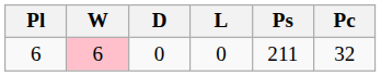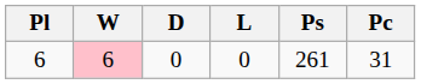 <table class="wikitable" style="text-align:center">
 <tr>
 <th width=40px>Pl</th>
 <th width=40px>W</th>
 <th width=40px>D</th>
 <th width=40px>L</th>
 <th width=40px>Ps</th>
 <th width=40px>Pc</th>
 </tr>
 <tr>
 <td>6</td>
 <td style="background: pink;">6</td>
 <td>0</td>
 <td>0</td>
-<td>211</td>
-<td>32</td>
+<td>261</td>
+<td>31</td>
 </tr>
 </table>
